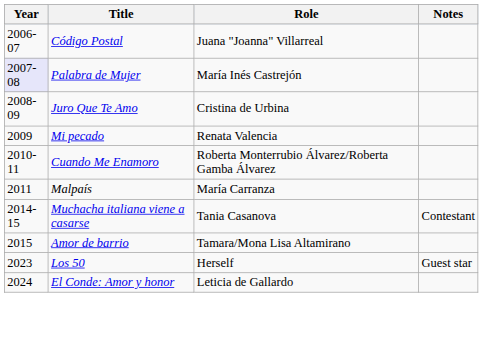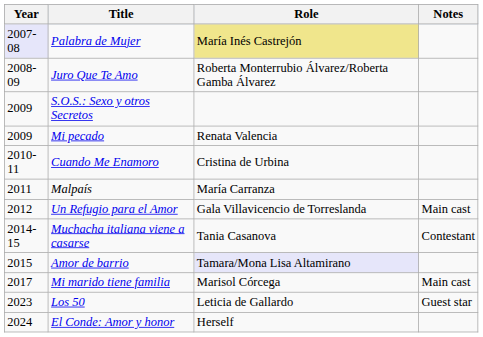 <table class="wikitable">
 <tr style="background:#b0c4de;">
 <th>Year</th>
 <th>Title</th>
 <th>Role</th>
 <th>Notes</th>
 </tr>
 <tr>
-<td>2006-07</td>
-<td><em><a href='#'>Código Postal</a></em></td>
-<td>Juana "Joanna" Villarreal</td>
-<td></td>
-</tr>
-<tr>
 <td style="background: lavender;">2007-08</td>
 <td><em><a href='#'>Palabra de Mujer</a></em></td>
-<td>María Inés Castrejón</td>
+<td style="background: khaki;">María Inés Castrejón</td>
 <td></td>
 </tr>
 <tr>
 <td>2008-09</td>
 <td><em><a href='#'>Juro Que Te Amo</a></em></td>
-<td>Cristina de Urbina</td>
+<td>Roberta Monterrubio Álvarez/Roberta Gamba Álvarez</td>
+<td></td>
+</tr>
+<tr>
+<td>2009</td>
+<td><em><a href='#'>S.O.S.: Sexo y otros Secretos</a></em></td>
+<td></td>
 <td></td>
 </tr>
 <tr>
 <td>2009</td>
 <td><em><a href='#'>Mi pecado</a></em></td>
 <td>Renata Valencia</td>
 <td></td>
 </tr>
 <tr>
 <td>2010-11</td>
 <td><em><a href='#'>Cuando Me Enamoro</a></em></td>
-<td>Roberta Monterrubio Álvarez/Roberta Gamba Álvarez</td>
+<td>Cristina de Urbina</td>
 <td></td>
 </tr>
 <tr>
 <td>2011</td>
 <td><em>Malpaís</em></td>
 <td>María Carranza</td>
 <td></td>
+</tr>
+<tr>
+<td>2012</td>
+<td><em><a href='#'>Un Refugio para el Amor</a></em></td>
+<td>Gala Villavicencio de Torreslanda</td>
+<td>Main cast</td>
 </tr>
 <tr>
 <td>2014-15</td>
 <td><em><a href='#'>Muchacha italiana viene a casarse</a></em></td>
 <td>Tania Casanova</td>
 <td>Contestant</td>
 </tr>
 <tr>
 <td>2015</td>
 <td><em><a href='#'>Amor de barrio</a></em></td>
-<td>Tamara/Mona Lisa Altamirano</td>
+<td style="background: lavender;">Tamara/Mona Lisa Altamirano</td>
 <td></td>
+</tr>
+<tr>
+<td>2017</td>
+<td><em><a href='#'>Mi marido tiene familia</a></em></td>
+<td>Marisol Córcega</td>
+<td>Main cast</td>
 </tr>
 <tr>
 <td>2023</td>
 <td><em><a href='#'>Los 50</a></em></td>
-<td>Herself</td>
+<td>Leticia de Gallardo</td>
 <td>Guest star</td>
 </tr>
 <tr>
 <td>2024</td>
 <td><em><a href='#'>El Conde: Amor y honor</a></em></td>
-<td>Leticia de Gallardo</td>
+<td>Herself</td>
 <td></td>
 </tr>
 </table>
